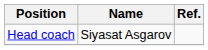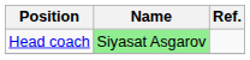 <table class="wikitable">
 <tr>
 <th>Position</th>
 <th>Name</th>
 <th>Ref.</th>
 </tr>
 <tr>
 <td><a href='#'>Head coach</a></td>
-<td>Siyasat Asgarov</td>
+<td style="background: lightgreen;">Siyasat Asgarov</td>
 <td></td>
 </tr>
 <tr>
 </tr>
 </table>
